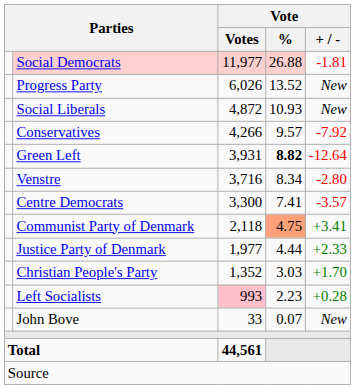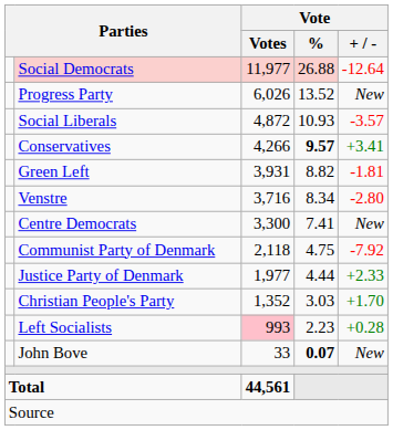 <table class="wikitable" style="text-align:right;">
 <tr>
 <th style="text-align:centre;" rowspan="2" colspan="2" width="225">Parties</th>
 <th colspan="3">Vote</th>
 </tr>
 <tr>
 <th width="15">Votes</th>
 <th width="15">%</th>
 <th width="15">+ / -</th>
 </tr>
 <tr>
 <td width="2" style="color:inherit;background:"></td>
 <td bgcolor=#fbd0ce  align="left"><a href='#'>Social Democrats</a></td>
 <td bgcolor=#fbd0ce>11,977</td>
 <td bgcolor=#fbd0ce>26.88</td>
-<td style=color:red;>-1.81</td>
+<td style=color:red;>-12.64</td>
 </tr>
 <tr>
 <td width="2" style="color:inherit;background:"></td>
 <td align="left"><a href='#'>Progress Party</a></td>
 <td>6,026</td>
 <td>13.52</td>
 <td><em>New</em></td>
 </tr>
 <tr>
 <td width="2" style="color:inherit;background:"></td>
 <td align="left"><a href='#'>Social Liberals</a></td>
 <td>4,872</td>
 <td>10.93</td>
-<td><em>New</em></td>
+<td style=color:red;>-3.57</td>
 </tr>
 <tr>
 <td width="2" style="color:inherit;background:"></td>
 <td align="left"><a href='#'>Conservatives</a></td>
 <td>4,266</td>
-<td>9.57</td>
-<td style=color:red;>-7.92</td>
+<td><strong>9.57</strong></td>
+<td style=color:green;>+3.41</td>
 </tr>
 <tr>
 <td width="2" style="color:inherit;background:"></td>
 <td align="left"><a href='#'>Green Left</a></td>
 <td>3,931</td>
-<td><strong>8.82</strong></td>
-<td style=color:red;>-12.64</td>
+<td>8.82</td>
+<td style=color:red;>-1.81</td>
 </tr>
 <tr>
 <td width="2" style="color:inherit;background:"></td>
 <td align="left"><a href='#'>Venstre</a></td>
 <td>3,716</td>
 <td>8.34</td>
 <td style=color:red;>-2.80</td>
 </tr>
 <tr>
 <td width="2" style="color:inherit;background:"></td>
 <td align="left"><a href='#'>Centre Democrats</a></td>
 <td>3,300</td>
 <td>7.41</td>
-<td style=color:red;>-3.57</td>
+<td><em>New</em></td>
 </tr>
 <tr>
 <td width="2" style="color:inherit;background:"></td>
 <td align="left"><a href='#'>Communist Party of Denmark</a></td>
 <td>2,118</td>
-<td style="background: lightsalmon;">4.75</td>
-<td style=color:green;>+3.41</td>
+<td>4.75</td>
+<td style=color:red;>-7.92</td>
 </tr>
 <tr>
 <td width="2" style="color:inherit;background:"></td>
 <td align="left"><a href='#'>Justice Party of Denmark</a></td>
 <td>1,977</td>
 <td>4.44</td>
 <td style=color:green;>+2.33</td>
 </tr>
 <tr>
 <td width="2" style="color:inherit;background:"></td>
 <td align="left"><a href='#'>Christian People's Party</a></td>
 <td>1,352</td>
 <td>3.03</td>
 <td style=color:green;>+1.70</td>
 </tr>
 <tr>
 <td width="2" style="color:inherit;background:"></td>
 <td align="left"><a href='#'>Left Socialists</a></td>
 <td style="background: pink;">993</td>
 <td>2.23</td>
 <td style=color:green;>+0.28</td>
 </tr>
 <tr>
 <td width="2" style="color:inherit;background:"></td>
 <td align="left">John Bove</td>
 <td>33</td>
-<td>0.07</td>
+<td><strong>0.07</strong></td>
 <td><em>New</em></td>
 </tr>
 <tr>
 <td colspan="7" bgcolor="#E9E9E9"></td>
 </tr>
 <tr>
 <td align="left" colspan="2"><strong>Total</strong></td>
 <td><strong>44,561</strong></td>
 <td bgcolor="#E9E9E9" colspan="2"></td>
 </tr>
 <tr>
 <td align="left" colspan="6">Source</td>
 </tr>
 </table>
